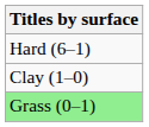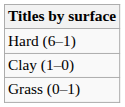 <table class=wikitable>
 <tr>
 <th>Titles by surface</th>
 </tr>
 <tr>
 <td>Hard (6–1)</td>
 </tr>
 <tr>
 <td>Clay (1–0)</td>
 </tr>
 <tr>
-<td style="background: lightgreen;">Grass (0–1)</td>
+<td>Grass (0–1)</td>
 </tr>
 </table>
